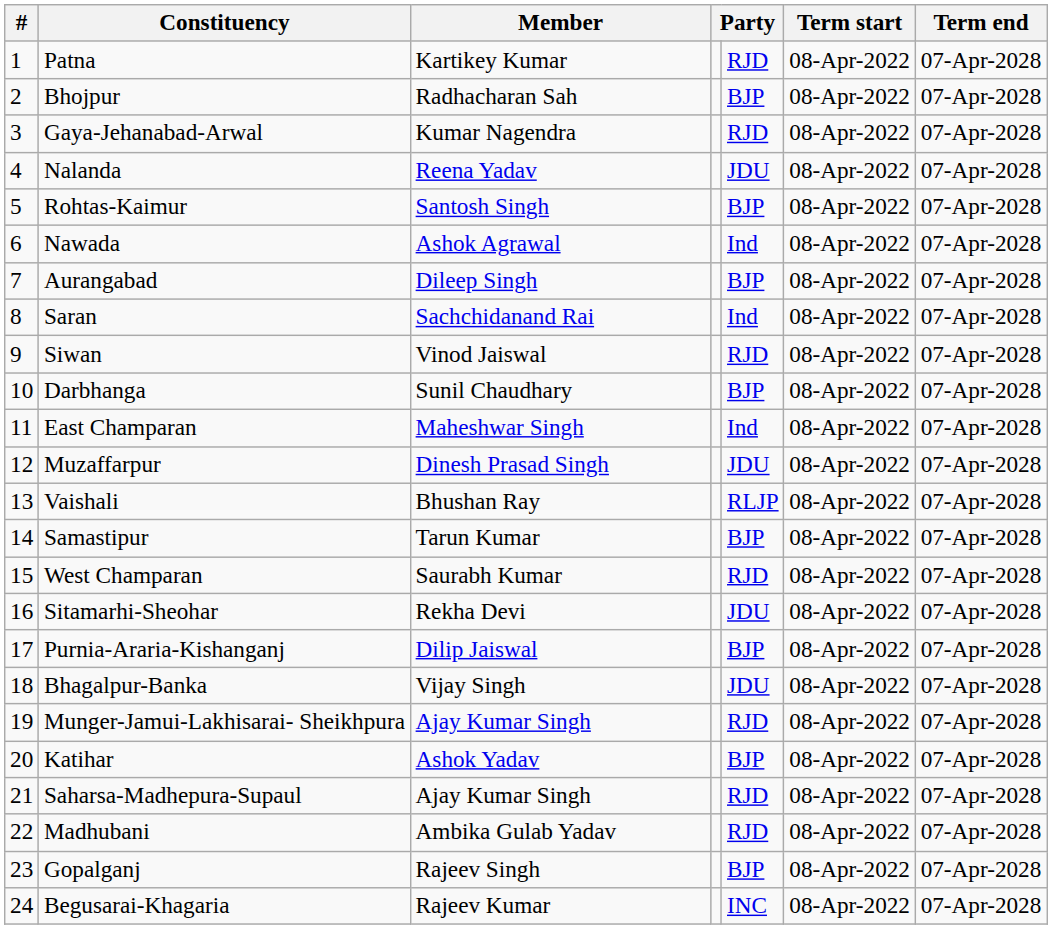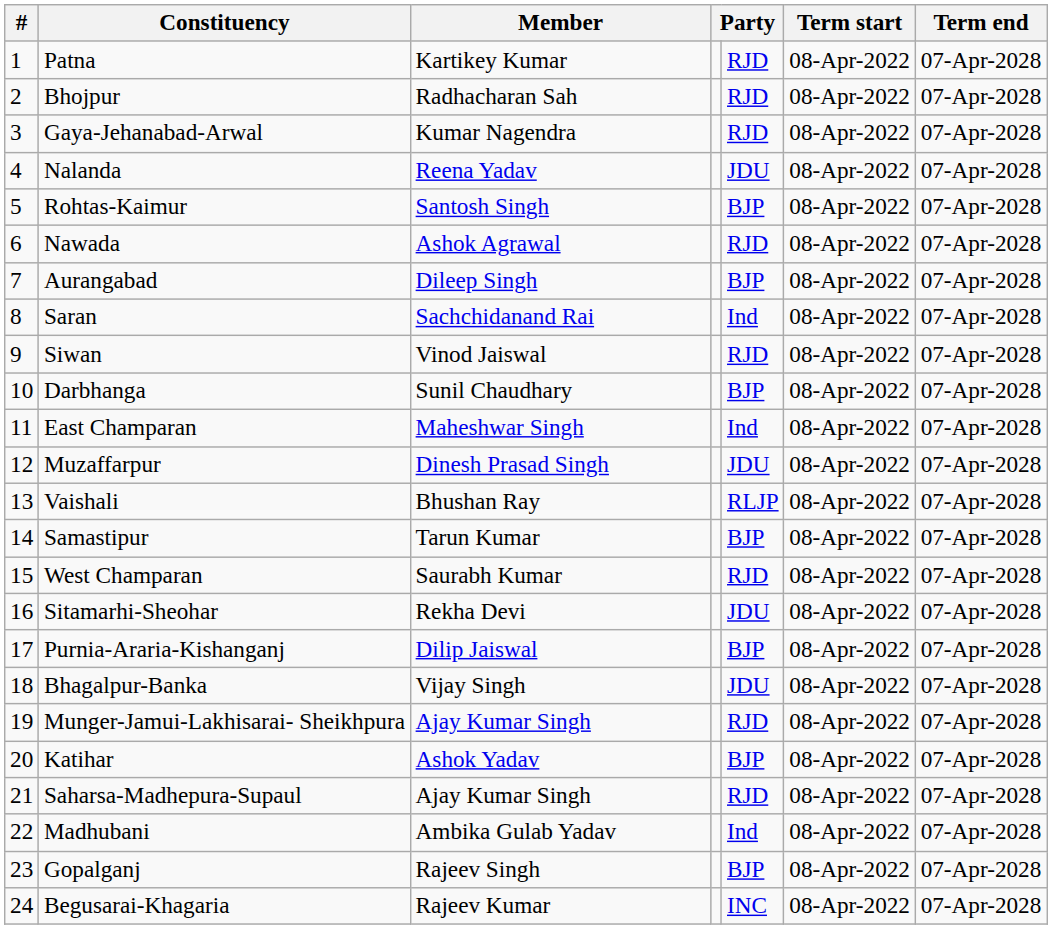 <table class="wikitable sortable">
 <tr>
 <th>#</th>
 <th>Constituency</th>
 <th style="width:200px">Member</th>
 <th colspan="2">Party</th>
 <th>Term start</th>
 <th>Term end</th>
 </tr>
 <tr>
 <td>1</td>
 <td>Patna</td>
 <td>Kartikey Kumar</td>
 <td style="background-color:"></td>
 <td><a href='#'>RJD</a></td>
 <td>08-Apr-2022</td>
 <td>07-Apr-2028</td>
 </tr>
 <tr>
 <td>2</td>
 <td>Bhojpur</td>
 <td>Radhacharan Sah</td>
 <td style="background-color:"></td>
-<td><a href='#'>BJP</a></td>
+<td><a href='#'>RJD</a></td>
 <td>08-Apr-2022</td>
 <td>07-Apr-2028</td>
 </tr>
 <tr>
 <td>3</td>
 <td>Gaya-Jehanabad-Arwal</td>
 <td>Kumar Nagendra</td>
 <td style="background-color:"></td>
 <td><a href='#'>RJD</a></td>
 <td>08-Apr-2022</td>
 <td>07-Apr-2028</td>
 </tr>
 <tr>
 <td>4</td>
 <td>Nalanda</td>
 <td><a href='#'>Reena Yadav</a></td>
 <td></td>
 <td><a href='#'>JDU</a></td>
 <td>08-Apr-2022</td>
 <td>07-Apr-2028</td>
 </tr>
 <tr>
 <td>5</td>
 <td>Rohtas-Kaimur</td>
 <td><a href='#'>Santosh Singh</a></td>
 <td style="background-color:"></td>
 <td><a href='#'>BJP</a></td>
 <td>08-Apr-2022</td>
 <td>07-Apr-2028</td>
 </tr>
 <tr>
 <td>6</td>
 <td>Nawada</td>
 <td><a href='#'>Ashok Agrawal</a></td>
 <td style="background-color:"></td>
-<td><a href='#'>Ind</a></td>
+<td><a href='#'>RJD</a></td>
 <td>08-Apr-2022</td>
 <td>07-Apr-2028</td>
 </tr>
 <tr>
 <td>7</td>
 <td>Aurangabad</td>
 <td><a href='#'>Dileep Singh</a></td>
 <td style="background-color:"></td>
 <td><a href='#'>BJP</a></td>
 <td>08-Apr-2022</td>
 <td>07-Apr-2028</td>
 </tr>
 <tr>
 <td>8</td>
 <td>Saran</td>
 <td><a href='#'>Sachchidanand Rai</a></td>
 <td style="background-color:"></td>
 <td><a href='#'>Ind</a></td>
 <td>08-Apr-2022</td>
 <td>07-Apr-2028</td>
 </tr>
 <tr>
 <td>9</td>
 <td>Siwan</td>
 <td>Vinod Jaiswal</td>
 <td style="background-color:"></td>
 <td><a href='#'>RJD</a></td>
 <td>08-Apr-2022</td>
 <td>07-Apr-2028</td>
 </tr>
 <tr>
 <td>10</td>
 <td>Darbhanga</td>
 <td>Sunil Chaudhary</td>
 <td style="background-color:"></td>
 <td><a href='#'>BJP</a></td>
 <td>08-Apr-2022</td>
 <td>07-Apr-2028</td>
 </tr>
 <tr>
 <td>11</td>
 <td>East Champaran</td>
 <td><a href='#'>Maheshwar Singh</a></td>
 <td style="background-color:"></td>
 <td><a href='#'>Ind</a></td>
 <td>08-Apr-2022</td>
 <td>07-Apr-2028</td>
 </tr>
 <tr>
 <td>12</td>
 <td>Muzaffarpur</td>
 <td><a href='#'>Dinesh Prasad Singh</a></td>
 <td style="background-color:"></td>
 <td><a href='#'>JDU</a></td>
 <td>08-Apr-2022</td>
 <td>07-Apr-2028</td>
 </tr>
 <tr>
 <td>13</td>
 <td>Vaishali</td>
 <td>Bhushan Ray</td>
 <td style="background-color:"></td>
 <td><a href='#'>RLJP</a></td>
 <td>08-Apr-2022</td>
 <td>07-Apr-2028</td>
 </tr>
 <tr>
 <td>14</td>
 <td>Samastipur</td>
 <td>Tarun Kumar</td>
 <td style="background-color:"></td>
 <td><a href='#'>BJP</a></td>
 <td>08-Apr-2022</td>
 <td>07-Apr-2028</td>
 </tr>
 <tr>
 <td>15</td>
 <td>West Champaran</td>
 <td>Saurabh Kumar</td>
 <td style="background-color:"></td>
 <td><a href='#'>RJD</a></td>
 <td>08-Apr-2022</td>
 <td>07-Apr-2028</td>
 </tr>
 <tr>
 <td>16</td>
 <td>Sitamarhi-Sheohar</td>
 <td>Rekha Devi</td>
 <td style="background-color:"></td>
 <td><a href='#'>JDU</a></td>
 <td>08-Apr-2022</td>
 <td>07-Apr-2028</td>
 </tr>
 <tr>
 <td>17</td>
 <td>Purnia-Araria-Kishanganj</td>
 <td><a href='#'>Dilip Jaiswal</a></td>
 <td style="background-color:"></td>
 <td><a href='#'>BJP</a></td>
 <td>08-Apr-2022</td>
 <td>07-Apr-2028</td>
 </tr>
 <tr>
 <td>18</td>
 <td>Bhagalpur-Banka</td>
 <td>Vijay Singh</td>
 <td style="background-color:"></td>
 <td><a href='#'>JDU</a></td>
 <td>08-Apr-2022</td>
 <td>07-Apr-2028</td>
 </tr>
 <tr>
 <td>19</td>
 <td>Munger-Jamui-Lakhisarai- Sheikhpura</td>
 <td><a href='#'>Ajay Kumar Singh</a></td>
 <td style="background-color:"></td>
 <td><a href='#'>RJD</a></td>
 <td>08-Apr-2022</td>
 <td>07-Apr-2028</td>
 </tr>
 <tr>
 <td>20</td>
 <td>Katihar</td>
 <td><a href='#'>Ashok Yadav</a></td>
 <td style="background-color:"></td>
 <td><a href='#'>BJP</a></td>
 <td>08-Apr-2022</td>
 <td>07-Apr-2028</td>
 </tr>
 <tr>
 <td>21</td>
 <td>Saharsa-Madhepura-Supaul</td>
 <td>Ajay Kumar Singh</td>
 <td style="background-color:"></td>
 <td><a href='#'>RJD</a></td>
 <td>08-Apr-2022</td>
 <td>07-Apr-2028</td>
 </tr>
 <tr>
 <td>22</td>
 <td>Madhubani</td>
 <td>Ambika Gulab Yadav</td>
 <td style="background-color:"></td>
-<td><a href='#'>RJD</a></td>
+<td><a href='#'>Ind</a></td>
 <td>08-Apr-2022</td>
 <td>07-Apr-2028</td>
 </tr>
 <tr>
 <td>23</td>
 <td>Gopalganj</td>
 <td>Rajeev Singh</td>
 <td style="background-color:"></td>
 <td><a href='#'>BJP</a></td>
 <td>08-Apr-2022</td>
 <td>07-Apr-2028</td>
 </tr>
 <tr>
 <td>24</td>
 <td>Begusarai-Khagaria</td>
 <td>Rajeev Kumar</td>
 <td style="background-color:"></td>
 <td><a href='#'>INC</a></td>
 <td>08-Apr-2022</td>
 <td>07-Apr-2028</td>
 </tr>
 </table>
